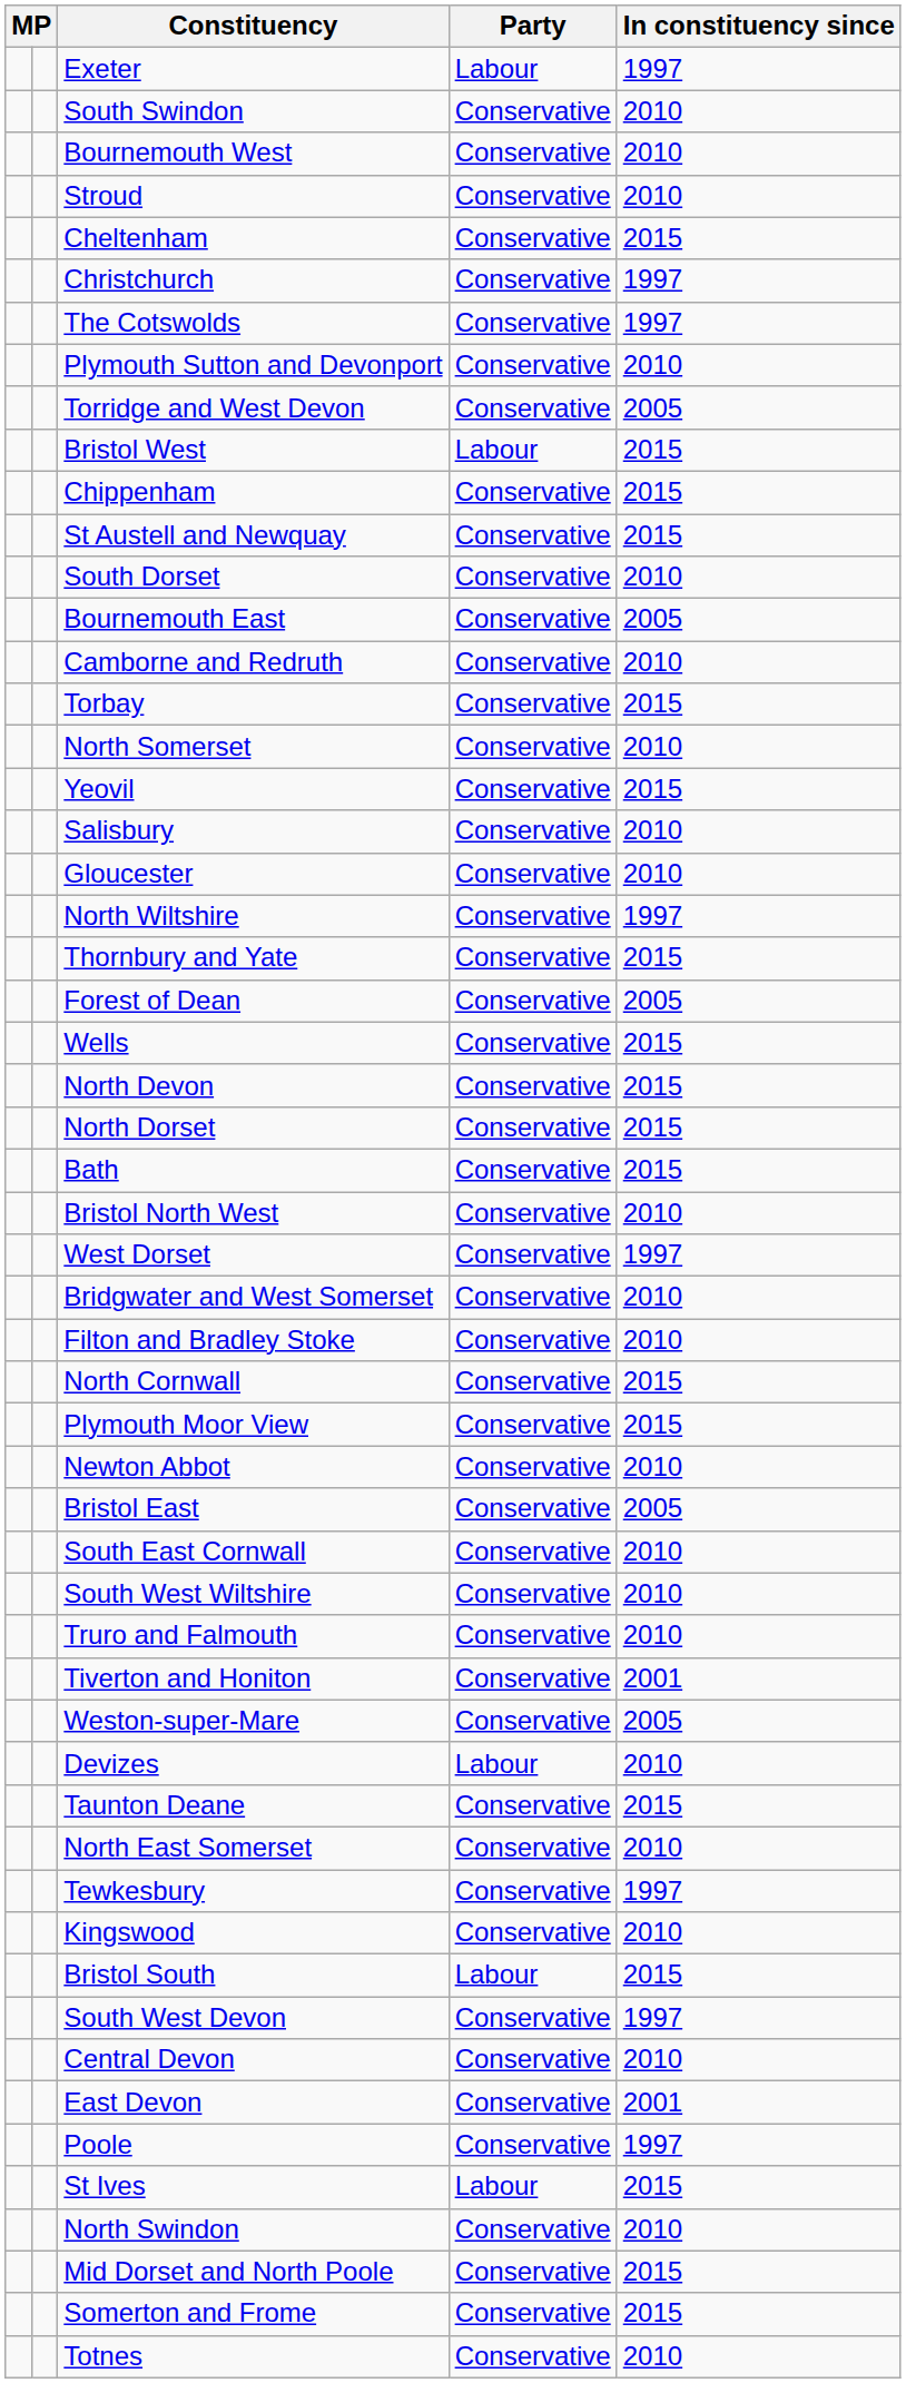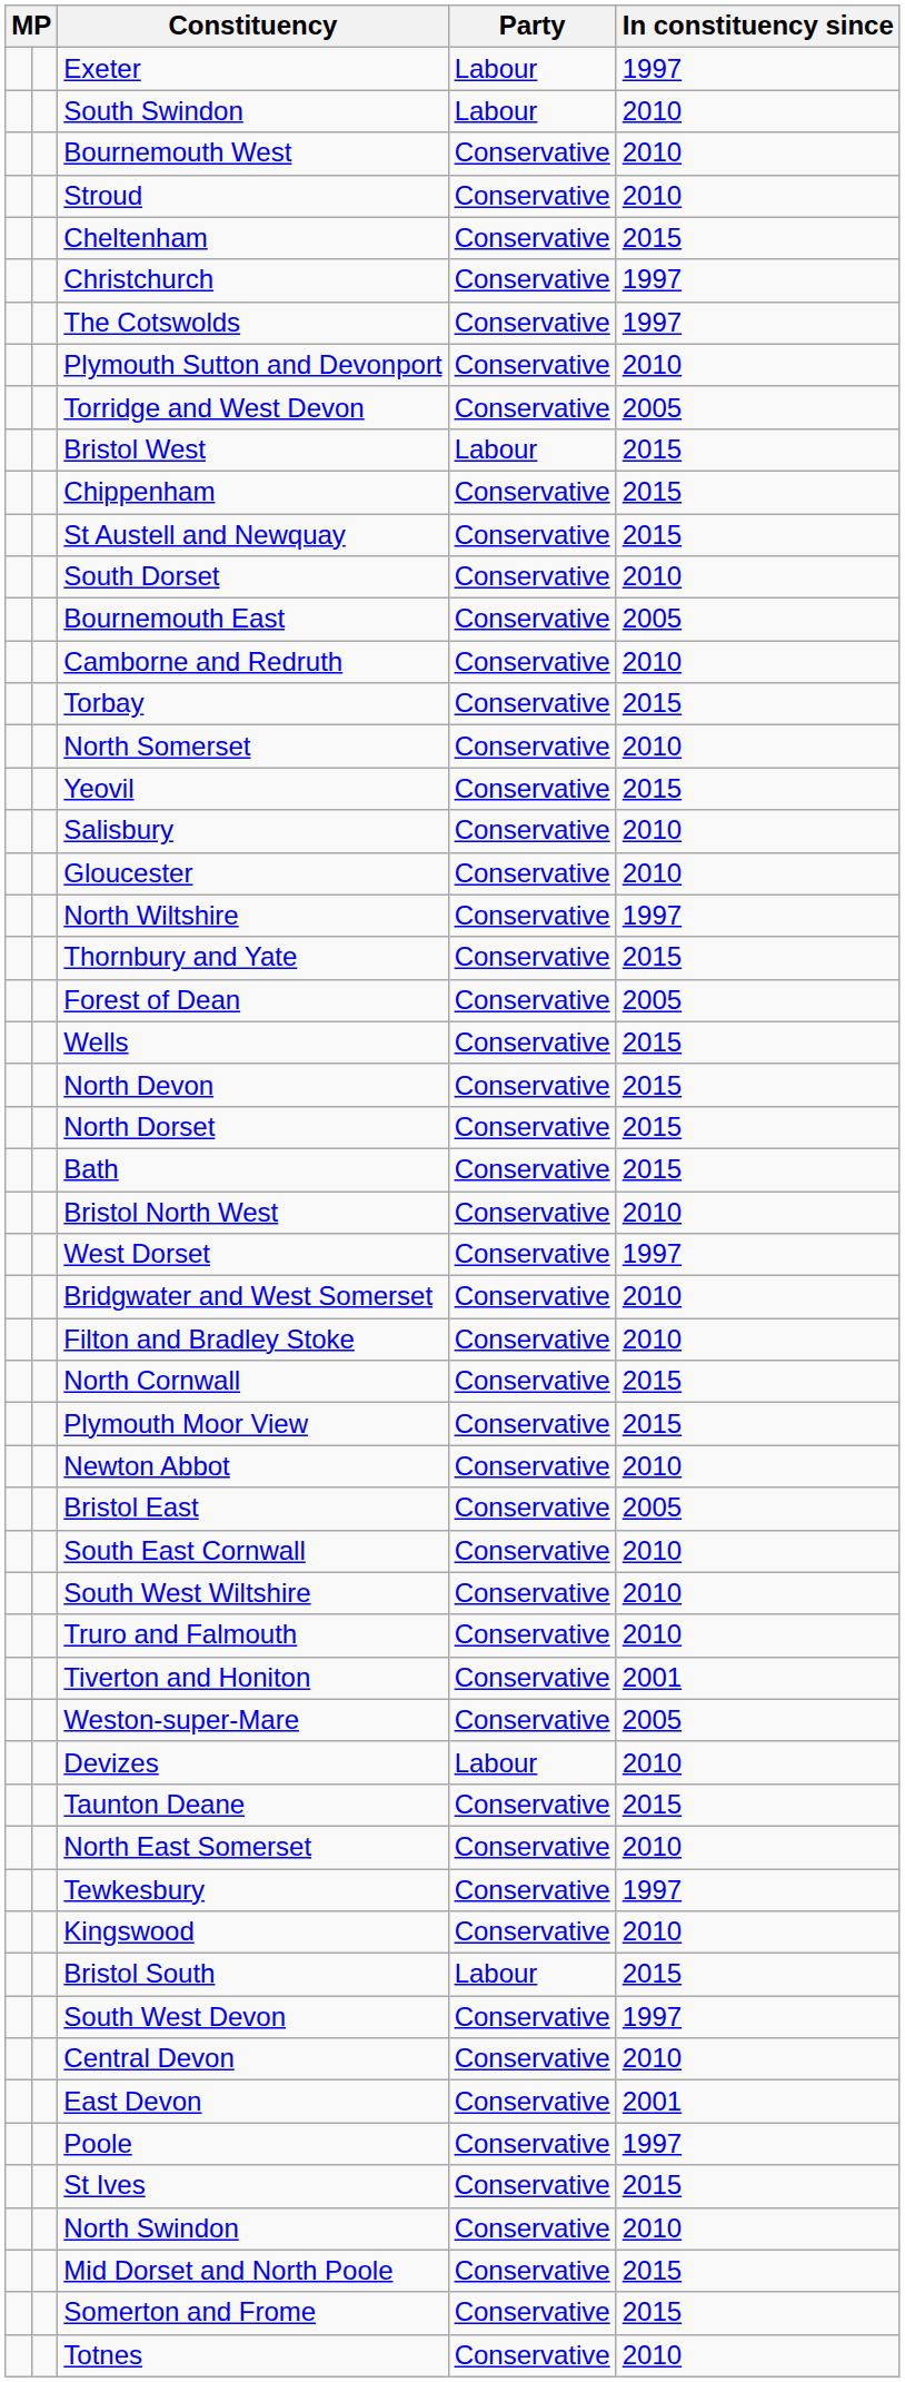 <table class="wikitable sortable">
 <tr>
 <th colspan=2>MP</th>
 <th>Constituency</th>
 <th>Party</th>
 <th>In constituency since</th>
 </tr>
 <tr>
 <td style="background-color: "></td>
 <td></td>
 <td><a href='#'>Exeter</a></td>
 <td><a href='#'>Labour</a></td>
 <td><a href='#'>1997</a></td>
 </tr>
 <tr>
 <td style="background-color: "></td>
 <td></td>
 <td><a href='#'>South Swindon</a></td>
-<td><a href='#'>Conservative</a></td>
+<td><a href='#'>Labour</a></td>
 <td><a href='#'>2010</a></td>
 </tr>
 <tr>
 <td style="background-color: "></td>
 <td></td>
 <td><a href='#'>Bournemouth West</a></td>
 <td><a href='#'>Conservative</a></td>
 <td><a href='#'>2010</a></td>
 </tr>
 <tr>
 <td style="background-color: "></td>
 <td></td>
 <td><a href='#'>Stroud</a></td>
 <td><a href='#'>Conservative</a></td>
 <td><a href='#'>2010</a></td>
 </tr>
 <tr>
 <td style="background-color: "></td>
 <td></td>
 <td><a href='#'>Cheltenham</a></td>
 <td><a href='#'>Conservative</a></td>
 <td><a href='#'>2015</a></td>
 </tr>
 <tr>
 <td style="background-color: "></td>
 <td></td>
 <td><a href='#'>Christchurch</a></td>
 <td><a href='#'>Conservative</a></td>
 <td><a href='#'>1997</a></td>
 </tr>
 <tr>
 <td style="background-color: "></td>
 <td></td>
 <td><a href='#'>The Cotswolds</a></td>
 <td><a href='#'>Conservative</a></td>
 <td><a href='#'>1997</a></td>
 </tr>
 <tr>
 <td style="background-color: "></td>
 <td></td>
 <td><a href='#'>Plymouth Sutton and Devonport</a></td>
 <td><a href='#'>Conservative</a></td>
 <td><a href='#'>2010</a></td>
 </tr>
 <tr>
 <td style="background-color: "></td>
 <td></td>
 <td><a href='#'>Torridge and West Devon</a></td>
 <td><a href='#'>Conservative</a></td>
 <td><a href='#'>2005</a></td>
 </tr>
 <tr>
 <td style="background-color: "></td>
 <td></td>
 <td><a href='#'>Bristol West</a></td>
 <td><a href='#'>Labour</a></td>
 <td><a href='#'>2015</a></td>
 </tr>
 <tr>
 <td style="background-color: "></td>
 <td></td>
 <td><a href='#'>Chippenham</a></td>
 <td><a href='#'>Conservative</a></td>
 <td><a href='#'>2015</a></td>
 </tr>
 <tr>
 <td style="background-color: "></td>
 <td></td>
 <td><a href='#'>St Austell and Newquay</a></td>
 <td><a href='#'>Conservative</a></td>
 <td><a href='#'>2015</a></td>
 </tr>
 <tr>
 <td style="background-color: "></td>
 <td></td>
 <td><a href='#'>South Dorset</a></td>
 <td><a href='#'>Conservative</a></td>
 <td><a href='#'>2010</a></td>
 </tr>
 <tr>
 <td style="background-color: "></td>
 <td></td>
 <td><a href='#'>Bournemouth East</a></td>
 <td><a href='#'>Conservative</a></td>
 <td><a href='#'>2005</a></td>
 </tr>
 <tr>
 <td style="background-color: "></td>
 <td></td>
 <td><a href='#'>Camborne and Redruth</a></td>
 <td><a href='#'>Conservative</a></td>
 <td><a href='#'>2010</a></td>
 </tr>
 <tr>
 <td style="background-color: "></td>
 <td></td>
 <td><a href='#'>Torbay</a></td>
 <td><a href='#'>Conservative</a></td>
 <td><a href='#'>2015</a></td>
 </tr>
 <tr>
 <td style="background-color: "></td>
 <td></td>
 <td><a href='#'>North Somerset</a></td>
 <td><a href='#'>Conservative</a></td>
 <td><a href='#'>2010</a></td>
 </tr>
 <tr>
 <td style="background-color: "></td>
 <td></td>
 <td><a href='#'>Yeovil</a></td>
 <td><a href='#'>Conservative</a></td>
 <td><a href='#'>2015</a></td>
 </tr>
 <tr>
 <td style="background-color: "></td>
 <td></td>
 <td><a href='#'>Salisbury</a></td>
 <td><a href='#'>Conservative</a></td>
 <td><a href='#'>2010</a></td>
 </tr>
 <tr>
 <td style="background-color: "></td>
 <td></td>
 <td><a href='#'>Gloucester</a></td>
 <td><a href='#'>Conservative</a></td>
 <td><a href='#'>2010</a></td>
 </tr>
 <tr>
 <td style="background-color: "></td>
 <td></td>
 <td><a href='#'>North Wiltshire</a></td>
 <td><a href='#'>Conservative</a></td>
 <td><a href='#'>1997</a></td>
 </tr>
 <tr>
 <td style="background-color: "></td>
 <td></td>
 <td><a href='#'>Thornbury and Yate</a></td>
 <td><a href='#'>Conservative</a></td>
 <td><a href='#'>2015</a></td>
 </tr>
 <tr>
 <td style="background-color: "></td>
 <td></td>
 <td><a href='#'>Forest of Dean</a></td>
 <td><a href='#'>Conservative</a></td>
 <td><a href='#'>2005</a></td>
 </tr>
 <tr>
 <td style="background-color: "></td>
 <td></td>
 <td><a href='#'>Wells</a></td>
 <td><a href='#'>Conservative</a></td>
 <td><a href='#'>2015</a></td>
 </tr>
 <tr>
 <td style="background-color: "></td>
 <td></td>
 <td><a href='#'>North Devon</a></td>
 <td><a href='#'>Conservative</a></td>
 <td><a href='#'>2015</a></td>
 </tr>
 <tr>
 <td style="background-color: "></td>
 <td></td>
 <td><a href='#'>North Dorset</a></td>
 <td><a href='#'>Conservative</a></td>
 <td><a href='#'>2015</a></td>
 </tr>
 <tr>
 <td style="background-color: "></td>
 <td></td>
 <td><a href='#'>Bath</a></td>
 <td><a href='#'>Conservative</a></td>
 <td><a href='#'>2015</a></td>
 </tr>
 <tr>
 <td style="background-color: "></td>
 <td></td>
 <td><a href='#'>Bristol North West</a></td>
 <td><a href='#'>Conservative</a></td>
 <td><a href='#'>2010</a></td>
 </tr>
 <tr>
 <td style="background-color: "></td>
 <td></td>
 <td><a href='#'>West Dorset</a></td>
 <td><a href='#'>Conservative</a></td>
 <td><a href='#'>1997</a></td>
 </tr>
 <tr>
 <td style="background-color: "></td>
 <td></td>
 <td><a href='#'>Bridgwater and West Somerset</a></td>
 <td><a href='#'>Conservative</a></td>
 <td><a href='#'>2010</a></td>
 </tr>
 <tr>
 <td style="background-color: "></td>
 <td></td>
 <td><a href='#'>Filton and Bradley Stoke</a></td>
 <td><a href='#'>Conservative</a></td>
 <td><a href='#'>2010</a></td>
 </tr>
 <tr>
 <td style="background-color: "></td>
 <td></td>
 <td><a href='#'>North Cornwall</a></td>
 <td><a href='#'>Conservative</a></td>
 <td><a href='#'>2015</a></td>
 </tr>
 <tr>
 <td style="background-color: "></td>
 <td></td>
 <td><a href='#'>Plymouth Moor View</a></td>
 <td><a href='#'>Conservative</a></td>
 <td><a href='#'>2015</a></td>
 </tr>
 <tr>
 <td style="background-color: "></td>
 <td></td>
 <td><a href='#'>Newton Abbot</a></td>
 <td><a href='#'>Conservative</a></td>
 <td><a href='#'>2010</a></td>
 </tr>
 <tr>
 <td style="background-color: "></td>
 <td></td>
 <td><a href='#'>Bristol East</a></td>
 <td><a href='#'>Conservative</a></td>
 <td><a href='#'>2005</a></td>
 </tr>
 <tr>
 <td style="background-color: "></td>
 <td></td>
 <td><a href='#'>South East Cornwall</a></td>
 <td><a href='#'>Conservative</a></td>
 <td><a href='#'>2010</a></td>
 </tr>
 <tr>
 <td style="background-color: "></td>
 <td></td>
 <td><a href='#'>South West Wiltshire</a></td>
 <td><a href='#'>Conservative</a></td>
 <td><a href='#'>2010</a></td>
 </tr>
 <tr>
 <td style="background-color: "></td>
 <td></td>
 <td><a href='#'>Truro and Falmouth</a></td>
 <td><a href='#'>Conservative</a></td>
 <td><a href='#'>2010</a></td>
 </tr>
 <tr>
 <td style="background-color: "></td>
 <td></td>
 <td><a href='#'>Tiverton and Honiton</a></td>
 <td><a href='#'>Conservative</a></td>
 <td><a href='#'>2001</a></td>
 </tr>
 <tr>
 <td style="background-color: "></td>
 <td></td>
 <td><a href='#'>Weston-super-Mare</a></td>
 <td><a href='#'>Conservative</a></td>
 <td><a href='#'>2005</a></td>
 </tr>
 <tr>
 <td style="background-color: "></td>
 <td></td>
 <td><a href='#'>Devizes</a></td>
 <td><a href='#'>Labour</a></td>
 <td><a href='#'>2010</a></td>
 </tr>
 <tr>
 <td style="background-color: "></td>
 <td></td>
 <td><a href='#'>Taunton Deane</a></td>
 <td><a href='#'>Conservative</a></td>
 <td><a href='#'>2015</a></td>
 </tr>
 <tr>
 <td style="background-color: "></td>
 <td></td>
 <td><a href='#'>North East Somerset</a></td>
 <td><a href='#'>Conservative</a></td>
 <td><a href='#'>2010</a></td>
 </tr>
 <tr>
 <td style="background-color: "></td>
 <td></td>
 <td><a href='#'>Tewkesbury</a></td>
 <td><a href='#'>Conservative</a></td>
 <td><a href='#'>1997</a></td>
 </tr>
 <tr>
 <td style="background-color: "></td>
 <td></td>
 <td><a href='#'>Kingswood</a></td>
 <td><a href='#'>Conservative</a></td>
 <td><a href='#'>2010</a></td>
 </tr>
 <tr>
 <td style="background-color: "></td>
 <td></td>
 <td><a href='#'>Bristol South</a></td>
 <td><a href='#'>Labour</a></td>
 <td><a href='#'>2015</a></td>
 </tr>
 <tr>
 <td style="background-color: "></td>
 <td></td>
 <td><a href='#'>South West Devon</a></td>
 <td><a href='#'>Conservative</a></td>
 <td><a href='#'>1997</a></td>
 </tr>
 <tr>
 <td style="background-color: "></td>
 <td></td>
 <td><a href='#'>Central Devon</a></td>
 <td><a href='#'>Conservative</a></td>
 <td><a href='#'>2010</a></td>
 </tr>
 <tr>
 <td style="background-color: "></td>
 <td></td>
 <td><a href='#'>East Devon</a></td>
 <td><a href='#'>Conservative</a></td>
 <td><a href='#'>2001</a></td>
 </tr>
 <tr>
 <td style="background-color: "></td>
 <td></td>
 <td><a href='#'>Poole</a></td>
 <td><a href='#'>Conservative</a></td>
 <td><a href='#'>1997</a></td>
 </tr>
 <tr>
 <td style="background-color: "></td>
 <td></td>
 <td><a href='#'>St Ives</a></td>
-<td><a href='#'>Labour</a></td>
+<td><a href='#'>Conservative</a></td>
 <td><a href='#'>2015</a></td>
 </tr>
 <tr>
 <td style="background-color: "></td>
 <td></td>
 <td><a href='#'>North Swindon</a></td>
 <td><a href='#'>Conservative</a></td>
 <td><a href='#'>2010</a></td>
 </tr>
 <tr>
 <td style="background-color: "></td>
 <td></td>
 <td><a href='#'>Mid Dorset and North Poole</a></td>
 <td><a href='#'>Conservative</a></td>
 <td><a href='#'>2015</a></td>
 </tr>
 <tr>
 <td style="background-color: "></td>
 <td></td>
 <td><a href='#'>Somerton and Frome</a></td>
 <td><a href='#'>Conservative</a></td>
 <td><a href='#'>2015</a></td>
 </tr>
 <tr>
 <td style="background-color: "></td>
 <td></td>
 <td><a href='#'>Totnes</a></td>
 <td><a href='#'>Conservative</a></td>
 <td><a href='#'>2010</a></td>
 </tr>
 </table>
